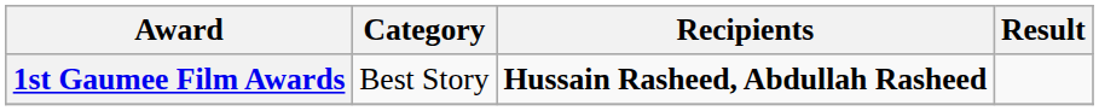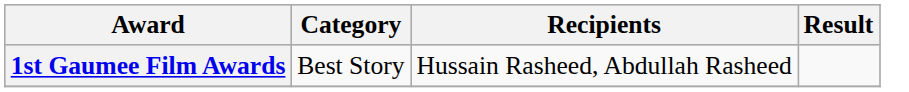 <table class="wikitable plainrowheaders sortable">
 <tr>
 <th scope="col">Award</th>
 <th scope="col">Category</th>
 <th scope="col">Recipients</th>
 <th scope="col">Result</th>
 </tr>
 <tr>
 <th scope="row"><a href='#'>1st Gaumee Film Awards</a></th>
 <td>Best Story</td>
-<td><strong>Hussain Rasheed, Abdullah Rasheed</strong></td>
+<td>Hussain Rasheed, Abdullah Rasheed</td>
 <td></td>
 </tr>
 <tr>
 </tr>
 </table>
